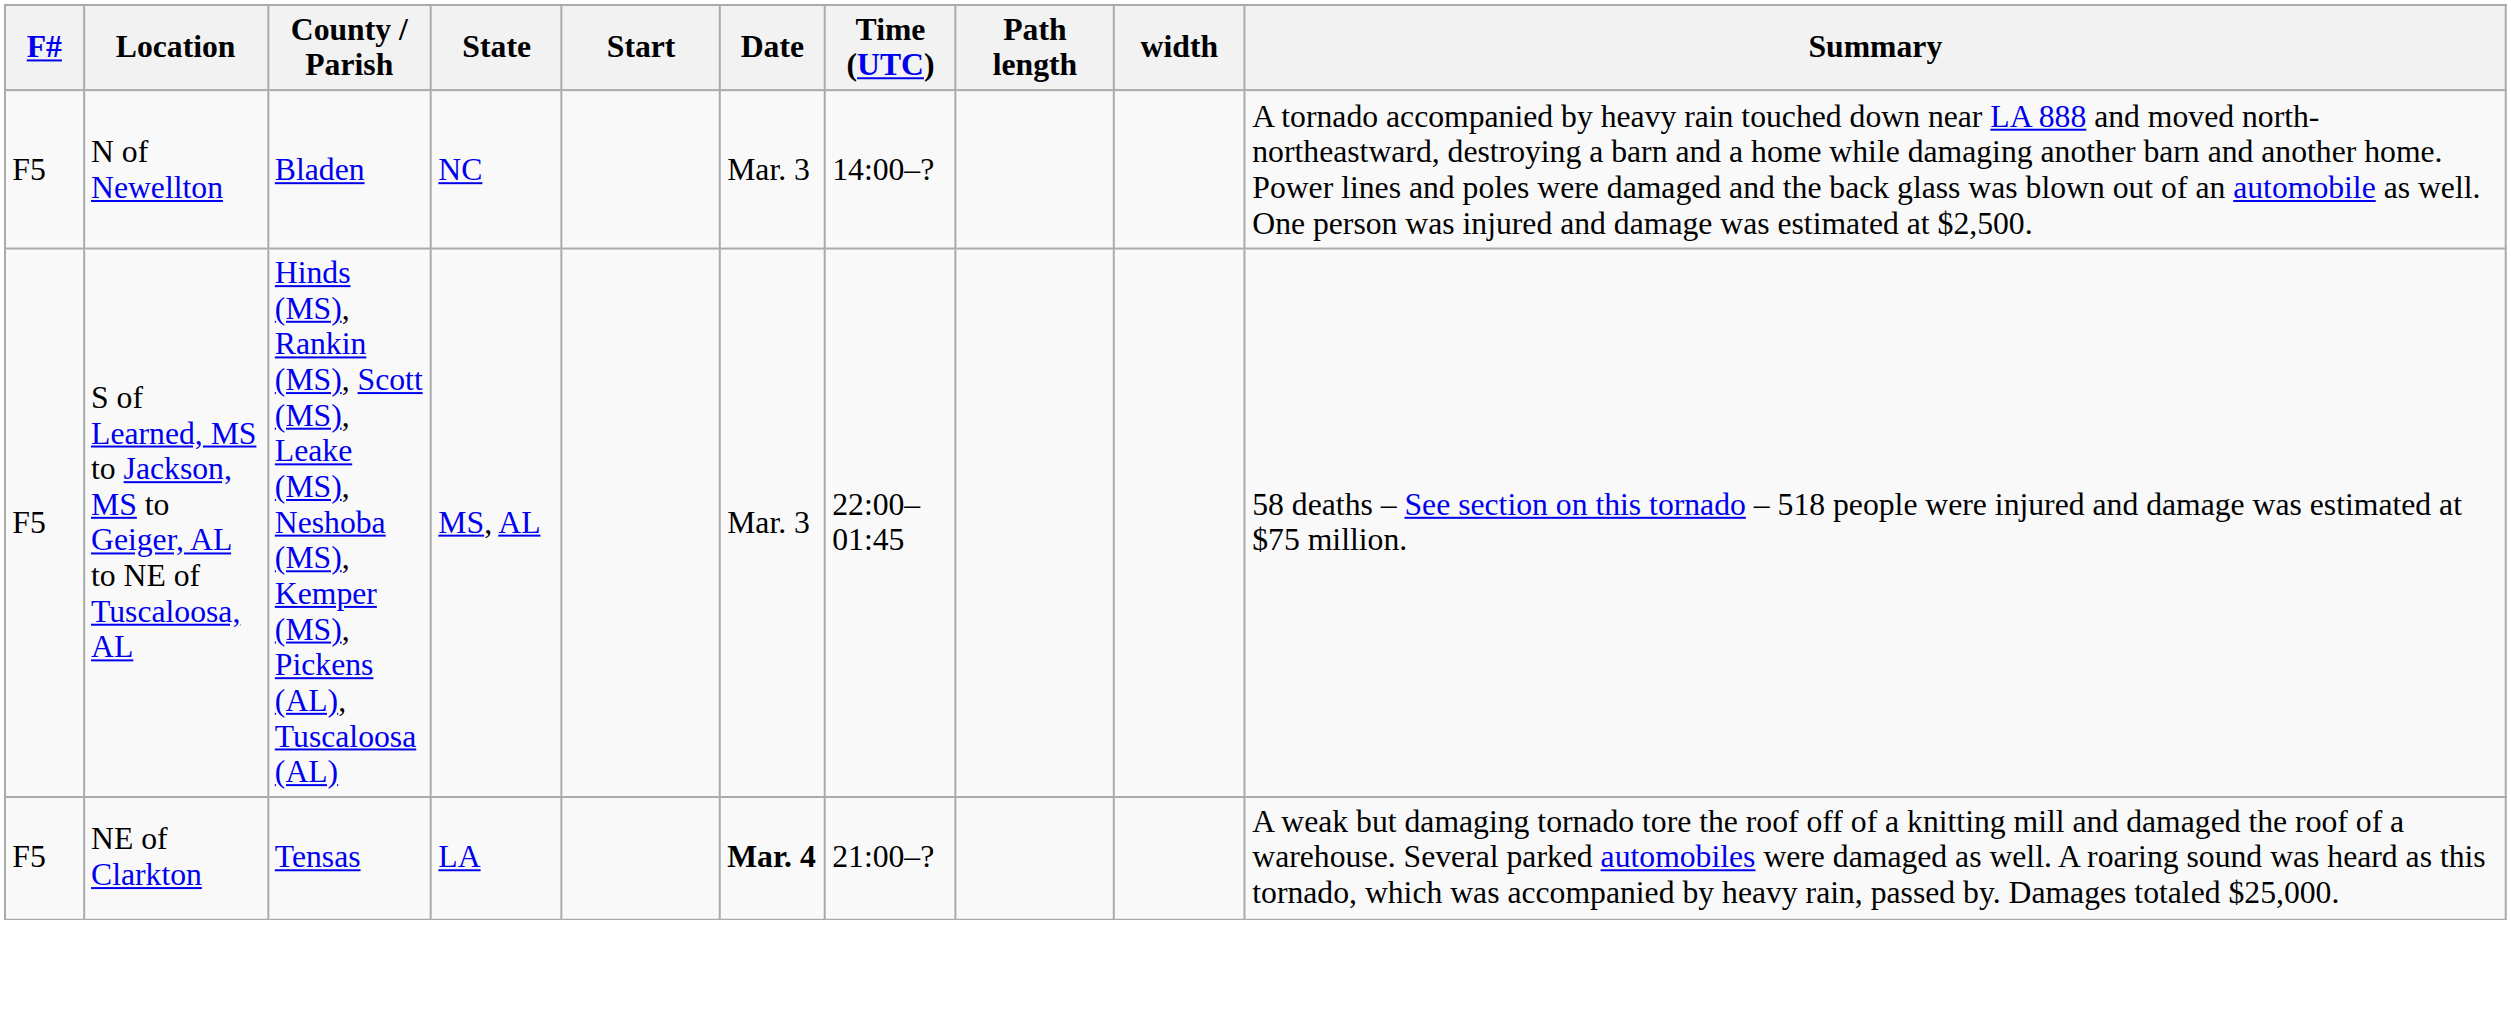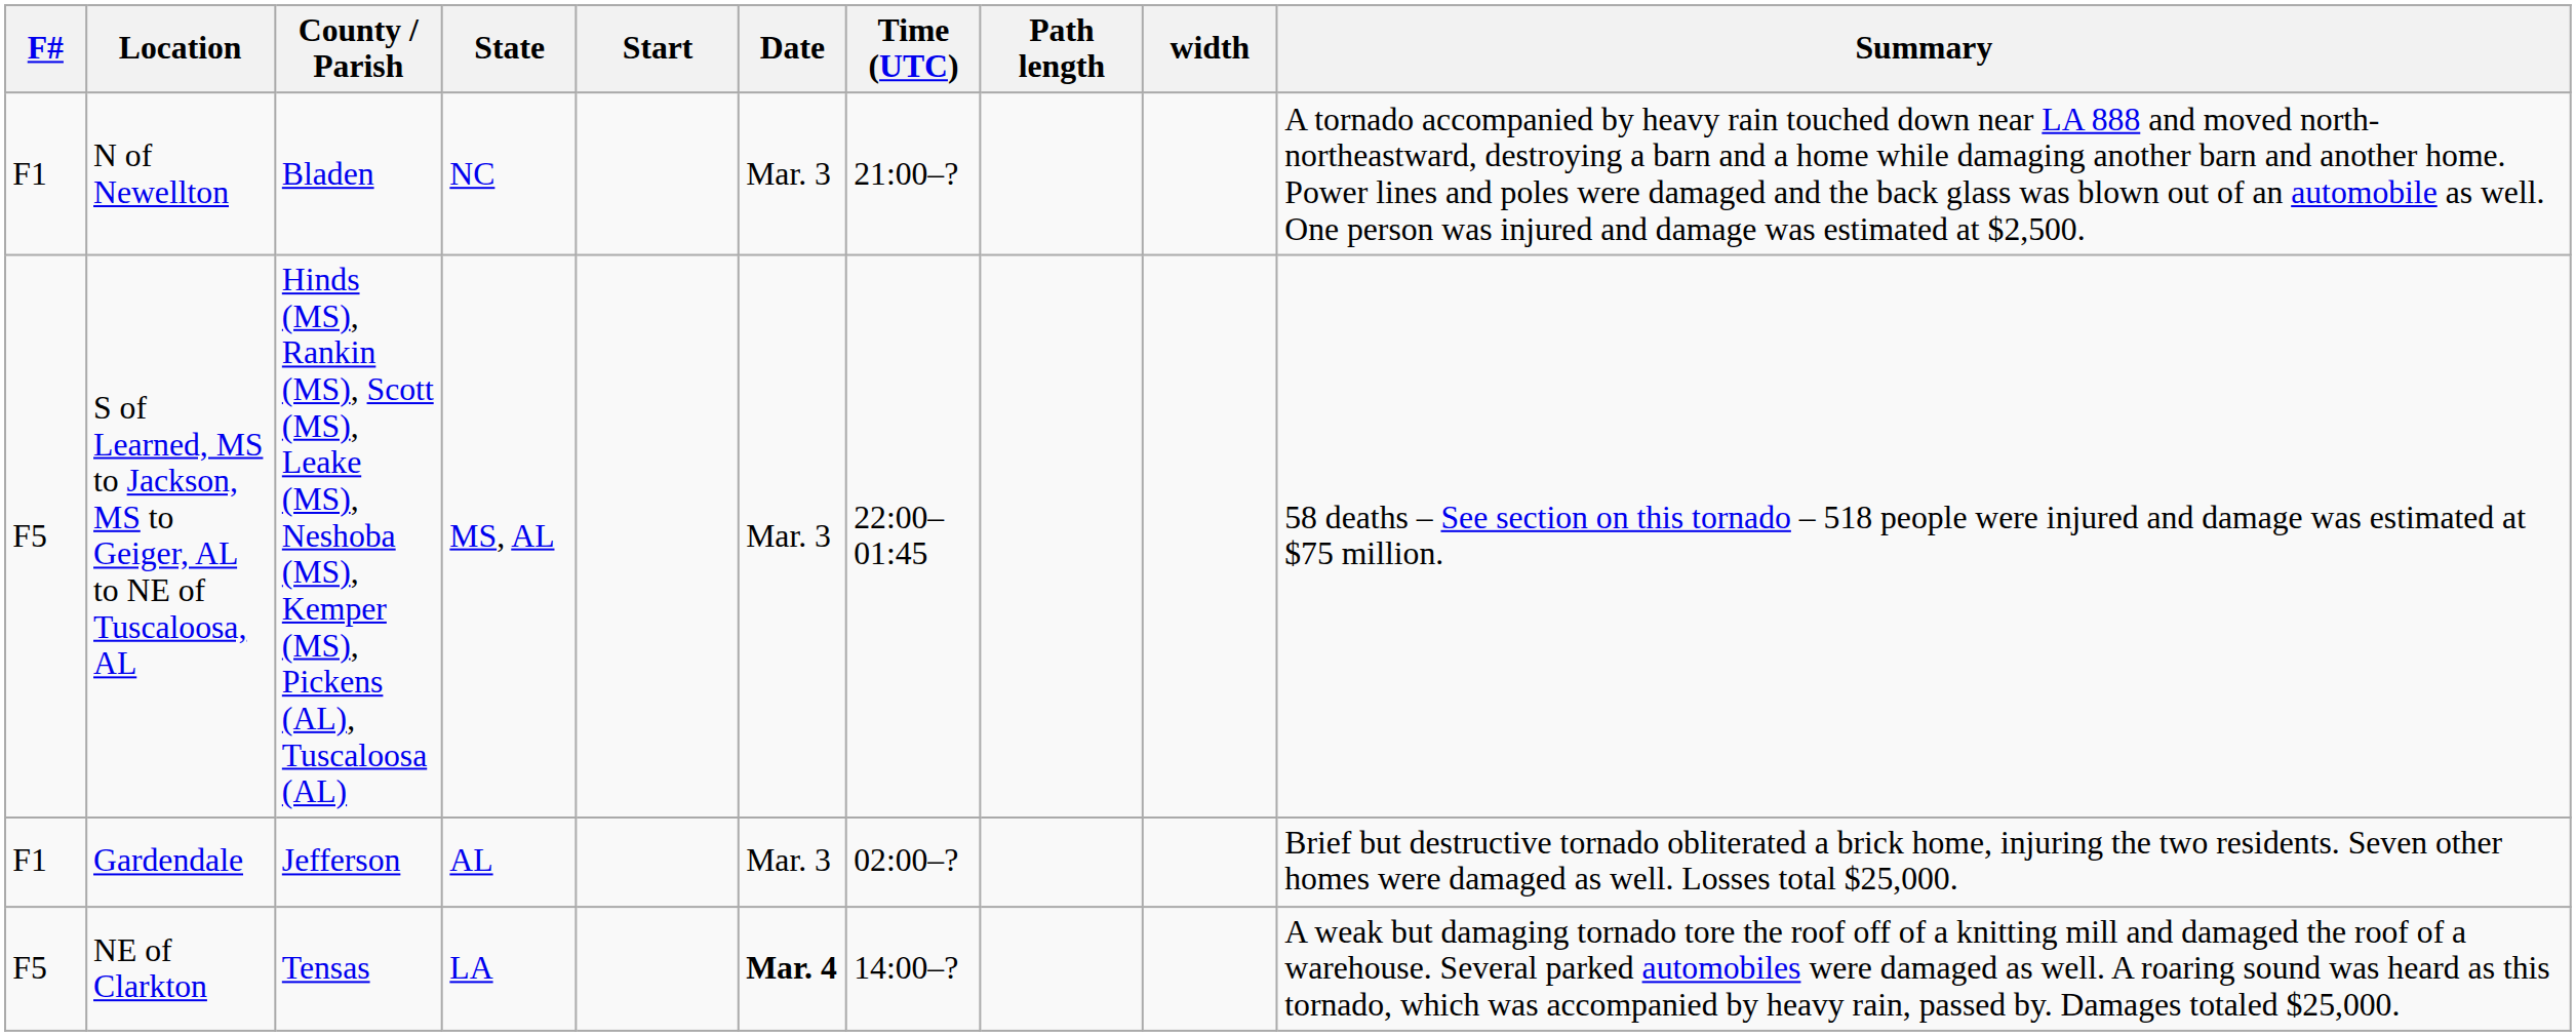 <table class="wikitable sortable" style="width:100%;">
 <tr>
 <th scope="col" style="width:3%; text-align:center;"><a href='#'>F#</a></th>
 <th scope="col" style="width:7%; text-align:center;" class="unsortable">Location</th>
 <th scope="col" style="width:6%; text-align:center;" class="unsortable">County / Parish</th>
 <th scope="col" style="width:5%; text-align:center;">State</th>
 <th scope="col" style="width:6%; text-align:center;">Start<br></th>
 <th scope="col" style="width:4%; text-align:center;">Date</th>
 <th scope="col" style="width:5%; text-align:center;">Time (<a href='#'>UTC</a>)</th>
 <th scope="col" style="width:6%; text-align:center;">Path length</th>
 <th scope="col" style="width:5%; text-align:center;"> width</th>
 <th scope="col" class="unsortable" style="width:48%; text-align:center;">Summary</th>
 </tr>
 <tr>
-<td>F5</td>
+<td>F1</td>
 <td>N of <a href='#'>Newellton</a></td>
 <td><a href='#'>Bladen</a></td>
 <td><a href='#'>NC</a></td>
 <td></td>
 <td>Mar. 3</td>
-<td>14:00–?</td>
+<td>21:00–?</td>
 <td></td>
 <td></td>
 <td>A tornado accompanied by heavy rain touched down near <a href='#'>LA 888</a> and moved north-northeastward, destroying a barn and a home while damaging another barn and another home. Power lines and poles were damaged and the back glass was blown out of an <a href='#'>automobile</a> as well. One person was injured and damage was estimated at $2,500.</td>
 </tr>
 <tr>
 <td>F5</td>
 <td>S of <a href='#'>Learned, MS</a> to <a href='#'>Jackson, MS</a> to <a href='#'>Geiger, AL</a> to NE of <a href='#'>Tuscaloosa, AL</a></td>
 <td><a href='#'>Hinds (MS)</a>, <a href='#'>Rankin (MS)</a>, <a href='#'>Scott (MS)</a>, <a href='#'>Leake (MS)</a>, <a href='#'>Neshoba (MS)</a>, <a href='#'>Kemper (MS)</a>, <a href='#'>Pickens (AL)</a>, <a href='#'>Tuscaloosa (AL)</a></td>
 <td><a href='#'>MS</a>, <a href='#'>AL</a></td>
 <td></td>
 <td>Mar. 3</td>
 <td>22:00–01:45</td>
 <td></td>
 <td></td>
 <td>58 deaths – <a href='#'>See section on this tornado</a> – 518 people were injured and damage was estimated at $75 million.</td>
 </tr>
 <tr>
+<td>F1</td>
+<td><a href='#'>Gardendale</a></td>
+<td><a href='#'>Jefferson</a></td>
+<td><a href='#'>AL</a></td>
+<td></td>
+<td>Mar. 3</td>
+<td>02:00–?</td>
+<td></td>
+<td></td>
+<td>Brief but destructive tornado obliterated a brick home, injuring the two residents. Seven other homes were damaged as well. Losses total $25,000.</td>
+</tr>
+<tr>
 <td>F5</td>
 <td>NE of <a href='#'>Clarkton</a></td>
 <td><a href='#'>Tensas</a></td>
 <td><a href='#'>LA</a></td>
 <td></td>
 <td><strong>Mar. 4</strong></td>
-<td>21:00–?</td>
+<td>14:00–?</td>
 <td></td>
 <td></td>
 <td>A weak but damaging tornado tore the roof off of a knitting mill and damaged the roof of a warehouse. Several parked <a href='#'>automobiles</a> were damaged as well. A roaring sound was heard as this tornado, which was accompanied by heavy rain, passed by. Damages totaled $25,000.</td>
 </tr>
 </table>
